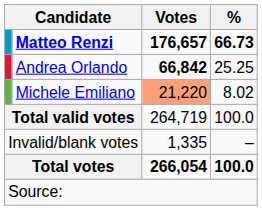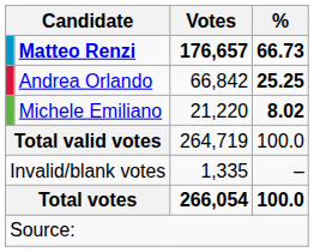 <table class="wikitable" style="font-size:95%">
 <tr bgcolor="#E9E9E9">
 <th rowspan="1" colspan="2">Candidate</th>
 <th rowspan="1" colspan="1">Votes</th>
 <th rowspan="1" colspan="1">%</th>
 </tr>
 <tr>
 <td bgcolor="#0099CC"></td>
 <td align="left"><strong><a href='#'>Matteo Renzi</a></strong></td>
 <td align="right"><strong>176,657</strong></td>
 <td align="right"><strong>66.73</strong></td>
 </tr>
 <tr>
 <td bgcolor="#DC143C"></td>
 <td align="left"><a href='#'>Andrea Orlando</a></td>
-<td align="right"><strong>66,842</strong></td>
-<td align="right">25.25</td>
+<td align="right">66,842</td>
+<td align="right"><strong>25.25</strong></td>
 </tr>
 <tr>
 <td bgcolor="#5EB440"></td>
 <td align="left"><a href='#'>Michele Emiliano</a></td>
-<td align="right" style="background: lightsalmon;">21,220</td>
-<td align="right">8.02</td>
+<td align="right">21,220</td>
+<td align="right"><strong>8.02</strong></td>
 </tr>
 <tr>
 <th colspan="2" align="left">Total valid votes</th>
 <td align="right"> 264,719</td>
 <td align="right">100.0</td>
 </tr>
 <tr>
 <td colspan="2" align=left>Invalid/blank votes</td>
 <td align="right">1,335</td>
 <td align="right">–</td>
 </tr>
 <tr>
 <th colspan="2" align="left">Total votes</th>
 <td align="right"><strong>266,054</strong></td>
 <td align="right"><strong>100.0</strong></td>
 </tr>
 <tr>
 <td colspan="5">Source: </td>
 </tr>
 </table>
